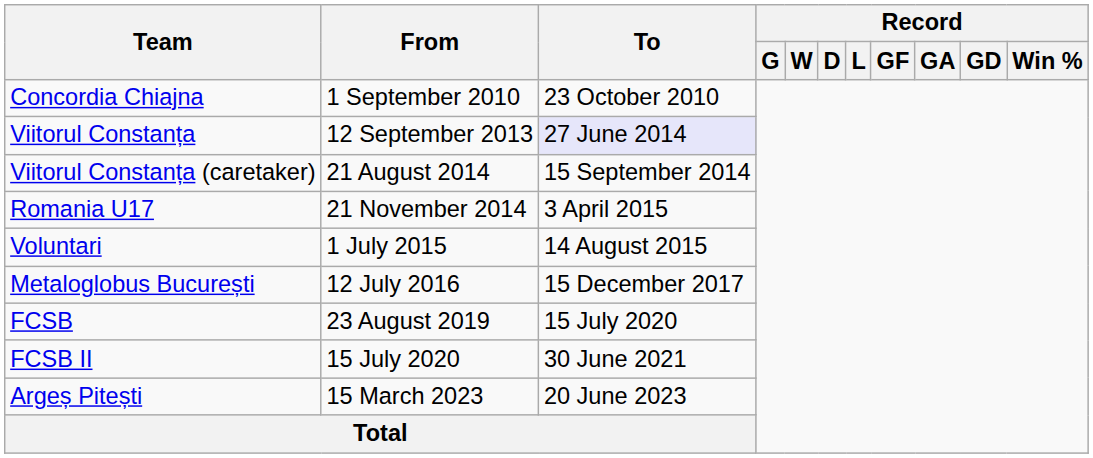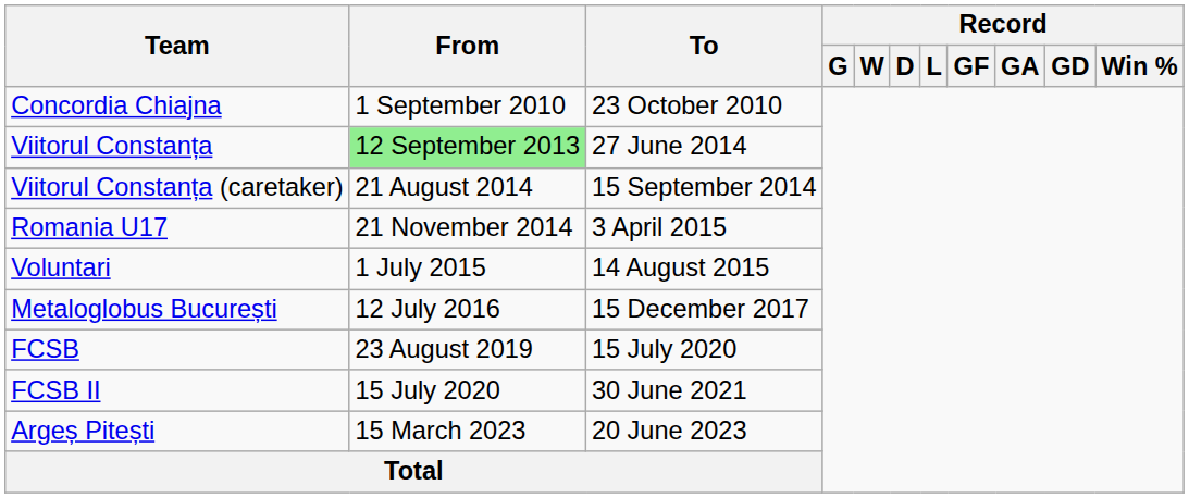 <table class="wikitable" style="text-align: center">
 <tr>
 <th rowspan=2>Team</th>
 <th rowspan=2>From</th>
 <th rowspan=2>To</th>
 <th colspan=8>Record</th>
 </tr>
 <tr>
 <th>G</th>
 <th>W</th>
 <th>D</th>
 <th>L</th>
 <th>GF</th>
 <th>GA</th>
 <th>GD</th>
 <th>Win %</th>
 </tr>
 <tr>
 <td align=left> <a href='#'>Concordia Chiajna</a></td>
 <td align=left>1 September 2010</td>
 <td align=left>23 October 2010<br></td>
 </tr>
 <tr>
 <td align=left> <a href='#'>Viitorul Constanța</a></td>
-<td align=left>12 September 2013</td>
-<td align=left style="background: lavender;">27 June 2014<br></td>
+<td align=left style="background: lightgreen;">12 September 2013</td>
+<td align=left>27 June 2014<br></td>
 </tr>
 <tr>
 <td align=left> <a href='#'>Viitorul Constanța</a> (caretaker)</td>
 <td align=left>21 August 2014</td>
 <td align=left>15 September 2014<br></td>
 </tr>
 <tr>
 <td align=left> <a href='#'>Romania U17</a></td>
 <td align=left>21 November 2014</td>
 <td align=left>3 April 2015<br></td>
 </tr>
 <tr>
 <td align=left> <a href='#'>Voluntari</a></td>
 <td align=left>1 July 2015</td>
 <td align=left>14 August 2015<br></td>
 </tr>
 <tr>
 <td align=left> <a href='#'>Metaloglobus București</a></td>
 <td align=left>12 July 2016</td>
 <td align=left>15 December 2017<br></td>
 </tr>
 <tr>
 <td align=left> <a href='#'>FCSB</a></td>
 <td align=left>23 August 2019</td>
 <td align=left>15 July 2020<br></td>
 </tr>
 <tr>
 <td align=left> <a href='#'>FCSB II</a></td>
 <td align=left>15 July 2020</td>
 <td align=left>30 June 2021<br></td>
 </tr>
 <tr>
 <td align=left> <a href='#'>Argeș Pitești</a></td>
 <td align=left>15 March 2023</td>
 <td align=left>20 June 2023<br></td>
 </tr>
 <tr>
 <th colspan="3">Total<br></th>
 </tr>
 </table>
